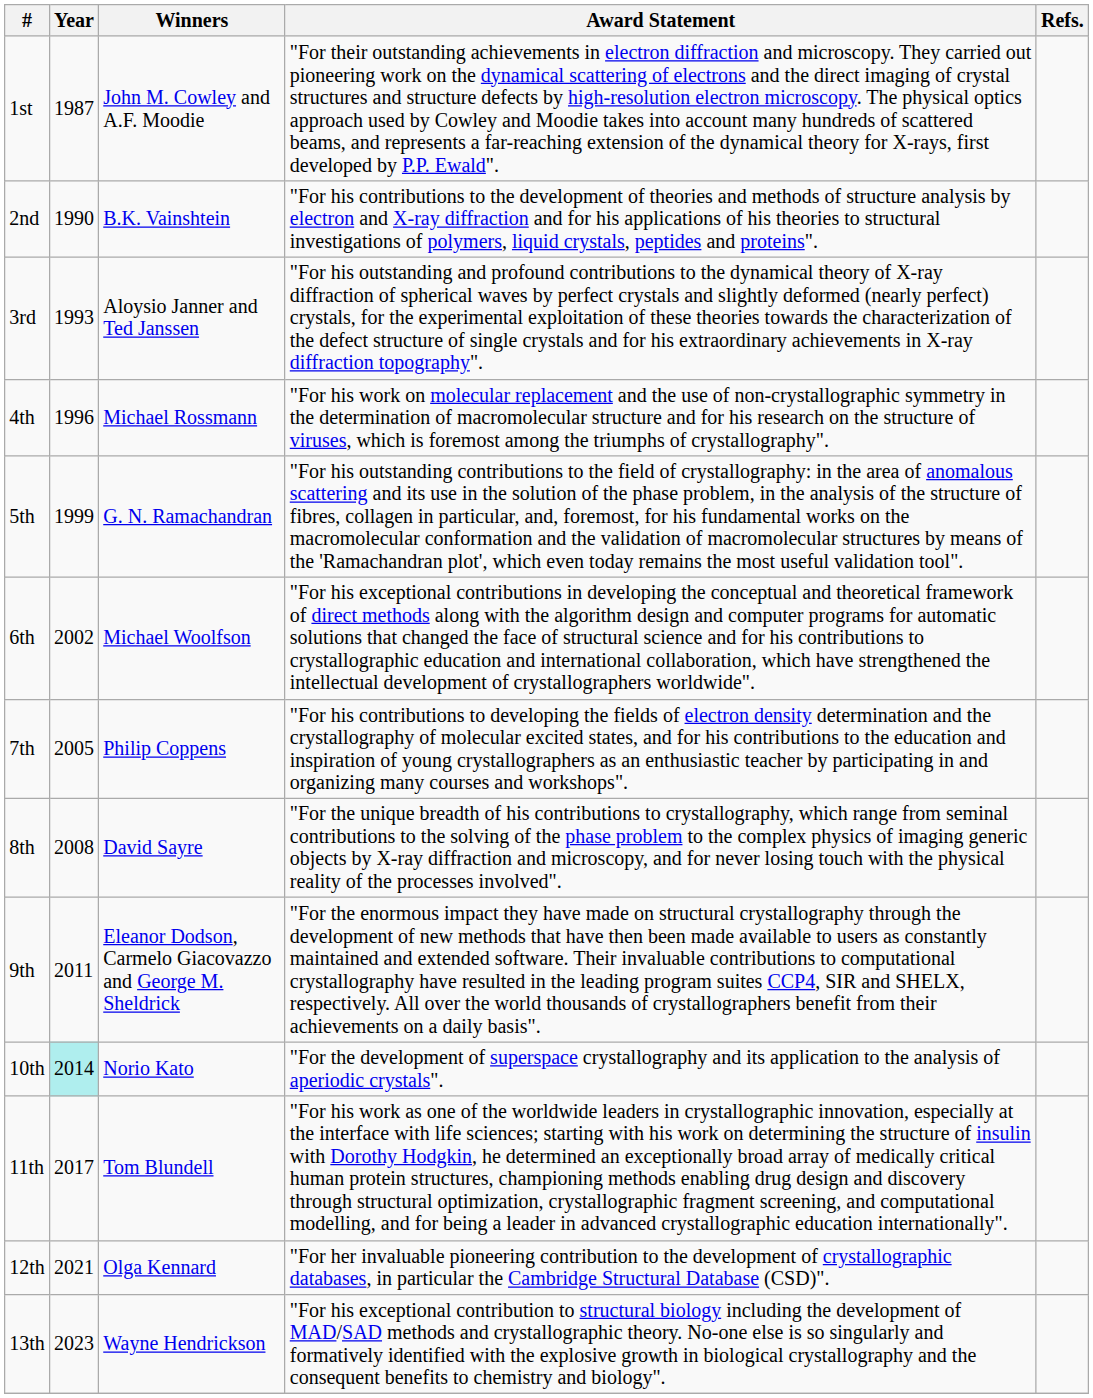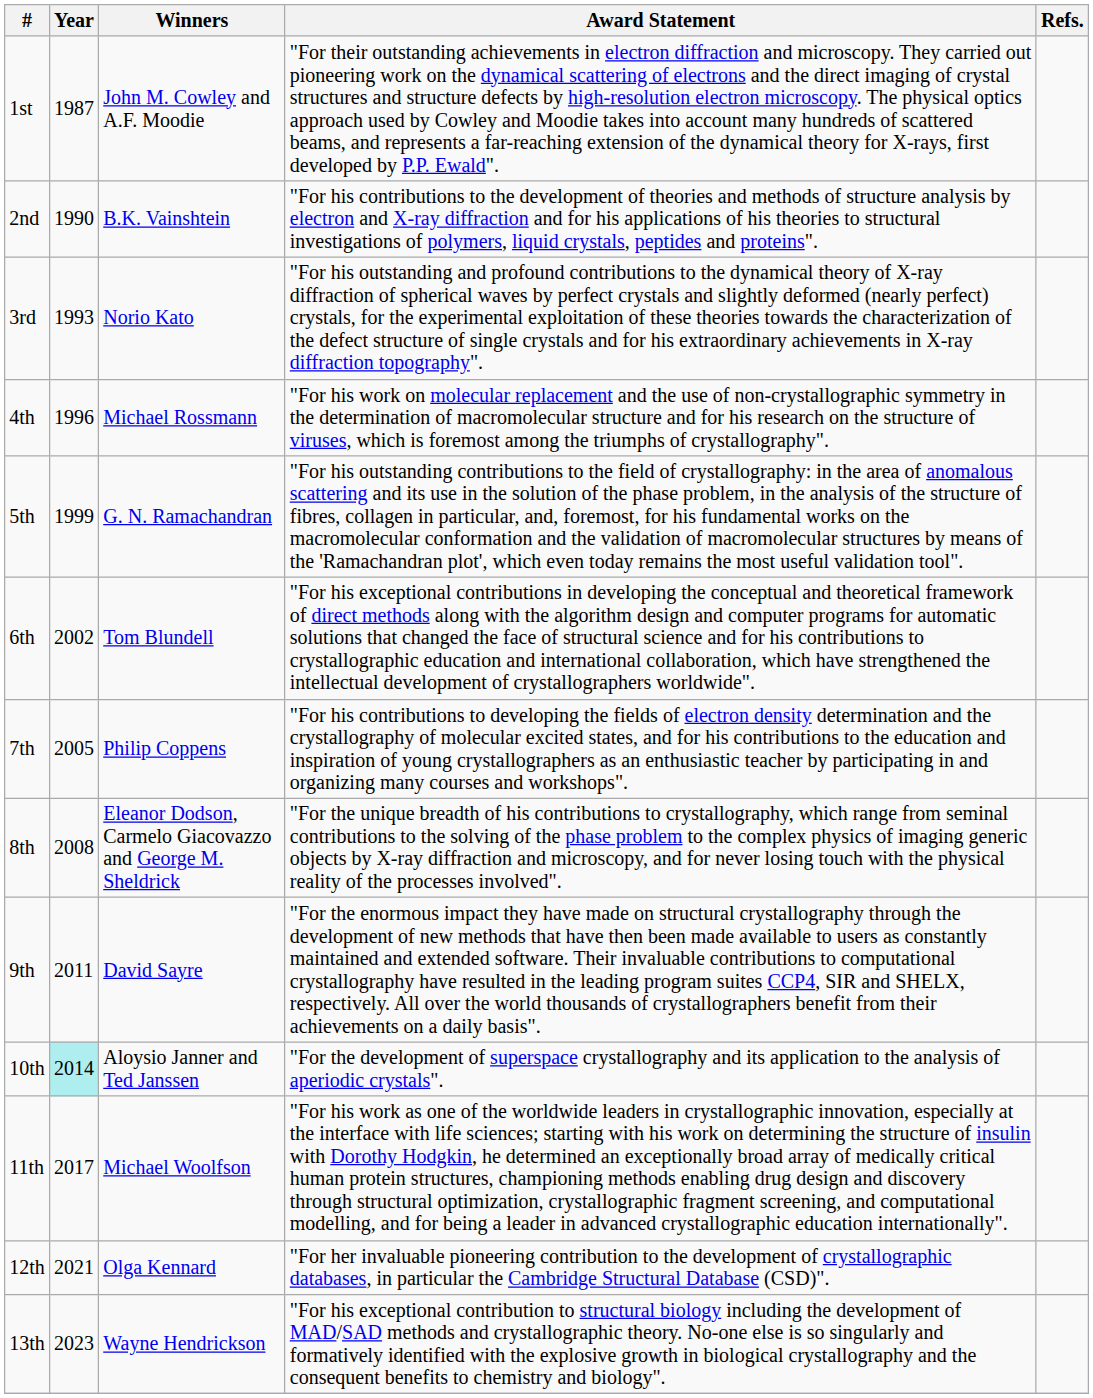 <table class="wikitable">
 <tr>
 <th>#</th>
 <th>Year</th>
 <th>Winners</th>
 <th>Award Statement</th>
 <th>Refs.</th>
 </tr>
 <tr>
 <td>1st</td>
 <td>1987</td>
 <td><a href='#'>John M. Cowley</a> and A.F. Moodie</td>
 <td>"For their outstanding achievements in <a href='#'>electron diffraction</a> and microscopy. They carried out pioneering work on the <a href='#'>dynamical scattering of electrons</a> and the direct imaging of crystal structures and structure defects by <a href='#'>high-resolution electron microscopy</a>. The physical optics approach used by Cowley and Moodie takes into account many hundreds of scattered beams, and represents a far-reaching extension of the dynamical theory for X-rays, first developed by <a href='#'>P.P. Ewald</a>".</td>
 <td></td>
 </tr>
 <tr>
 <td>2nd</td>
 <td>1990</td>
 <td><a href='#'>B.K. Vainshtein</a></td>
 <td>"For his contributions to the development of theories and methods of structure analysis by <a href='#'>electron</a> and <a href='#'>X-ray diffraction</a> and for his applications of his theories to structural investigations of <a href='#'>polymers</a>, <a href='#'>liquid crystals</a>, <a href='#'>peptides</a> and <a href='#'>proteins</a>".</td>
 <td></td>
 </tr>
 <tr>
 <td>3rd</td>
 <td>1993</td>
-<td>Aloysio Janner and <a href='#'>Ted Janssen</a></td>
+<td><a href='#'>Norio Kato</a></td>
 <td>"For his outstanding and profound contributions to the dynamical theory of X-ray diffraction of spherical waves by perfect crystals and slightly deformed (nearly perfect) crystals, for the experimental exploitation of these theories towards the characterization of the defect structure of single crystals and for his extraordinary achievements in X-ray <a href='#'>diffraction topography</a>".</td>
 <td></td>
 </tr>
 <tr>
 <td>4th</td>
 <td>1996</td>
 <td><a href='#'>Michael Rossmann</a></td>
 <td>"For his work on <a href='#'>molecular replacement</a> and the use of non-crystallographic symmetry in the determination of macromolecular structure and for his research on the structure of <a href='#'>viruses</a>, which is foremost among the triumphs of crystallography".</td>
 <td></td>
 </tr>
 <tr>
 <td>5th</td>
 <td>1999</td>
 <td><a href='#'>G. N. Ramachandran</a></td>
 <td>"For his outstanding contributions to the field of crystallography: in the area of <a href='#'>anomalous scattering</a> and its use in the solution of the phase problem, in the analysis of the structure of fibres, collagen in particular, and, foremost, for his fundamental works on the macromolecular conformation and the validation of macromolecular structures by means of the 'Ramachandran plot', which even today remains the most useful validation tool".</td>
 <td></td>
 </tr>
 <tr>
 <td>6th</td>
 <td>2002</td>
-<td><a href='#'>Michael Woolfson</a></td>
+<td><a href='#'>Tom Blundell</a></td>
 <td>"For his exceptional contributions in developing the conceptual and theoretical framework of <a href='#'>direct methods</a> along with the algorithm design and computer programs for automatic solutions that changed the face of structural science and for his contributions to crystallographic education and international collaboration, which have strengthened the intellectual development of crystallographers worldwide".</td>
 <td></td>
 </tr>
 <tr>
 <td>7th</td>
 <td>2005</td>
 <td><a href='#'>Philip Coppens</a></td>
 <td>"For his contributions to developing the fields of <a href='#'>electron density</a> determination and the crystallography of molecular excited states, and for his contributions to the education and inspiration of young crystallographers as an enthusiastic teacher by participating in and organizing many courses and workshops".</td>
 <td></td>
 </tr>
 <tr>
 <td>8th</td>
 <td>2008</td>
-<td><a href='#'>David Sayre</a></td>
+<td><a href='#'>Eleanor Dodson</a>, Carmelo Giacovazzo and <a href='#'>George M. Sheldrick</a></td>
 <td>"For the unique breadth of his contributions to crystallography, which range from seminal contributions to the solving of the <a href='#'>phase problem</a> to the complex physics of imaging generic objects by X-ray diffraction and microscopy, and for never losing touch with the physical reality of the processes involved".</td>
 <td></td>
 </tr>
 <tr>
 <td>9th</td>
 <td>2011</td>
-<td><a href='#'>Eleanor Dodson</a>, Carmelo Giacovazzo and <a href='#'>George M. Sheldrick</a></td>
+<td><a href='#'>David Sayre</a></td>
 <td>"For the enormous impact they have made on structural crystallography through the development of new methods that have then been made available to users as constantly maintained and extended software. Their invaluable contributions to computational crystallography have resulted in the leading program suites <a href='#'>CCP4</a>, SIR and SHELX, respectively. All over the world thousands of crystallographers benefit from their achievements on a daily basis".</td>
 <td></td>
 </tr>
 <tr>
 <td>10th</td>
 <td style="background: paleturquoise;">2014</td>
-<td><a href='#'>Norio Kato</a></td>
+<td>Aloysio Janner and <a href='#'>Ted Janssen</a></td>
 <td>"For the development of <a href='#'>superspace</a> crystallography and its application to the analysis of <a href='#'>aperiodic crystals</a>".</td>
 <td></td>
 </tr>
 <tr>
 <td>11th</td>
 <td>2017</td>
-<td><a href='#'>Tom Blundell</a></td>
+<td><a href='#'>Michael Woolfson</a></td>
 <td>"For his work as one of the worldwide leaders in crystallographic innovation, especially at the interface with life sciences; starting with his work on determining the structure of <a href='#'>insulin</a> with <a href='#'>Dorothy Hodgkin</a>, he determined an exceptionally broad array of medically critical human protein structures, championing methods enabling drug design and discovery through structural optimization, crystallographic fragment screening, and computational modelling, and for being a leader in advanced crystallographic education internationally".</td>
 <td></td>
 </tr>
 <tr>
 <td>12th</td>
 <td>2021</td>
 <td><a href='#'>Olga Kennard</a></td>
 <td>"For her invaluable pioneering contribution to the development of <a href='#'>crystallographic databases</a>, in particular the <a href='#'>Cambridge Structural Database</a> (CSD)".</td>
 <td></td>
 </tr>
 <tr>
 <td>13th</td>
 <td>2023</td>
 <td><a href='#'>Wayne Hendrickson</a></td>
 <td>"For his exceptional contribution to <a href='#'>structural biology</a> including the development of <a href='#'>MAD</a>/<a href='#'>SAD</a> methods and crystallographic theory. No-one else is so singularly and formatively identified with the explosive growth in biological crystallography and the consequent benefits to chemistry and biology".</td>
 <td></td>
 </tr>
 <tr>
 </tr>
 </table>
